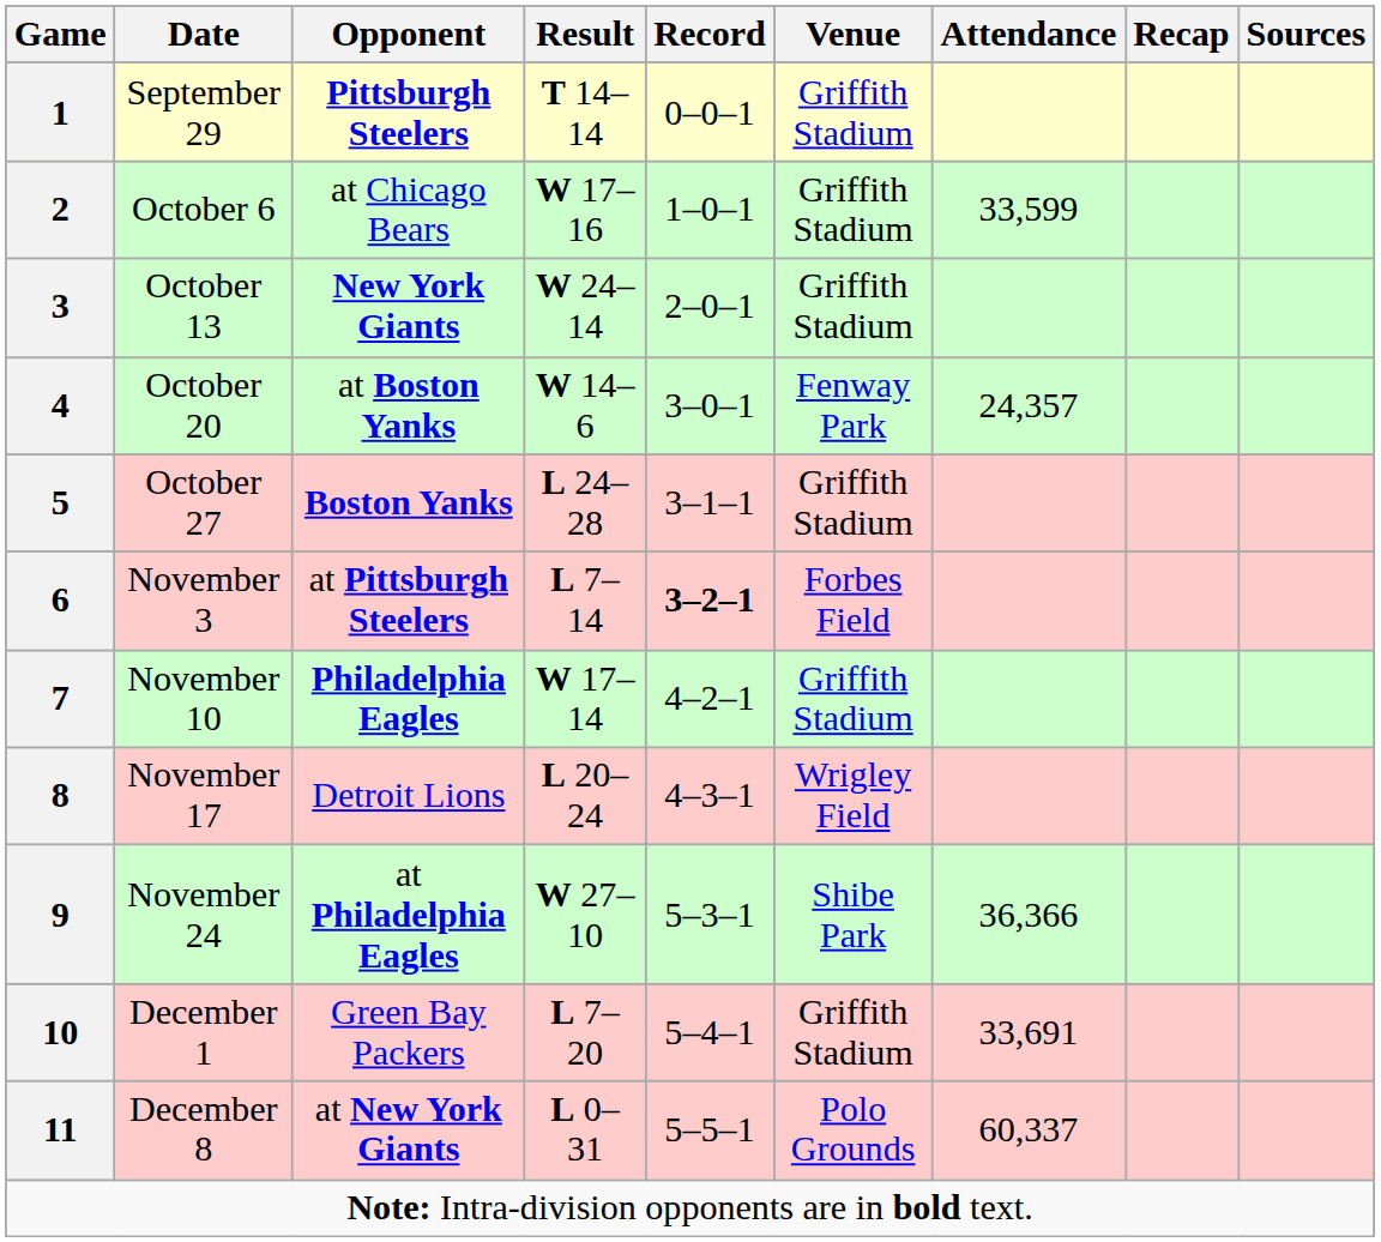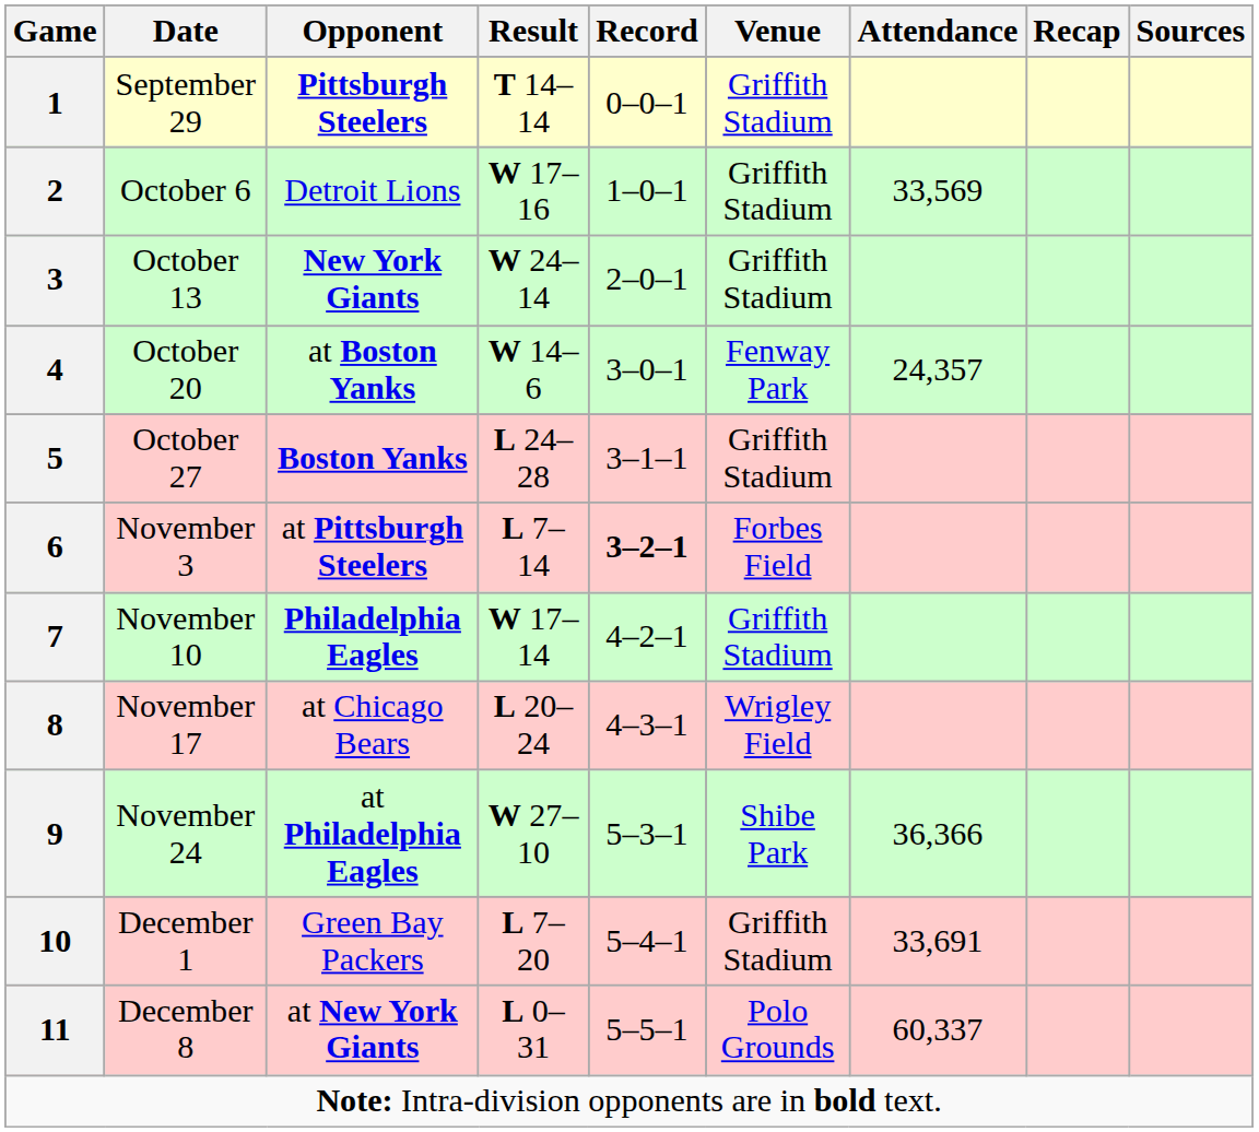 <table class="wikitable" style="text-align:center">
 <tr>
 <th>Game</th>
 <th>Date</th>
 <th>Opponent</th>
 <th>Result</th>
 <th>Record</th>
 <th>Venue</th>
 <th>Attendance</th>
 <th>Recap</th>
 <th>Sources</th>
 </tr>
 <tr style="background:#ffc">
 <th>1</th>
 <td>September 29</td>
 <td><strong><a href='#'>Pittsburgh Steelers</a></strong></td>
 <td><strong>T</strong> 14–14</td>
 <td>0–0–1</td>
 <td><a href='#'>Griffith Stadium</a></td>
 <td></td>
 <td></td>
 <td></td>
 </tr>
 <tr style="background:#cfc">
 <th>2</th>
 <td>October 6</td>
-<td>at <a href='#'>Chicago Bears</a></td>
+<td><a href='#'>Detroit Lions</a></td>
 <td><strong>W</strong> 17–16</td>
 <td>1–0–1</td>
 <td>Griffith Stadium</td>
-<td>33,599</td>
+<td>33,569</td>
 <td></td>
 <td></td>
 </tr>
 <tr style="background:#cfc">
 <th>3</th>
 <td>October 13</td>
 <td><strong><a href='#'>New York Giants</a></strong></td>
 <td><strong>W</strong> 24–14</td>
 <td>2–0–1</td>
 <td>Griffith Stadium</td>
 <td></td>
 <td></td>
 <td></td>
 </tr>
 <tr style="background:#cfc">
 <th>4</th>
 <td>October 20</td>
 <td>at <strong><a href='#'>Boston Yanks</a></strong></td>
 <td><strong>W</strong> 14–6</td>
 <td>3–0–1</td>
 <td><a href='#'>Fenway Park</a></td>
 <td>24,357</td>
 <td></td>
 <td></td>
 </tr>
 <tr style="background:#fcc">
 <th>5</th>
 <td>October 27</td>
 <td><strong><a href='#'>Boston Yanks</a></strong></td>
 <td><strong>L</strong> 24–28</td>
 <td>3–1–1</td>
 <td>Griffith Stadium</td>
 <td></td>
 <td></td>
 <td></td>
 </tr>
 <tr style="background:#fcc">
 <th>6</th>
 <td>November 3</td>
 <td>at <strong><a href='#'>Pittsburgh Steelers</a></strong></td>
 <td><strong>L</strong> 7–14</td>
 <td><strong>3–2–1</strong></td>
 <td><a href='#'>Forbes Field</a></td>
 <td></td>
 <td></td>
 <td></td>
 </tr>
 <tr style="background:#cfc">
 <th>7</th>
 <td>November 10</td>
 <td><strong><a href='#'>Philadelphia Eagles</a></strong></td>
 <td><strong>W</strong> 17–14</td>
 <td>4–2–1</td>
 <td><a href='#'>Griffith Stadium</a></td>
 <td></td>
 <td></td>
 <td></td>
 </tr>
 <tr style="background:#fcc">
 <th>8</th>
 <td>November 17</td>
-<td><a href='#'>Detroit Lions</a></td>
+<td>at <a href='#'>Chicago Bears</a></td>
 <td><strong>L</strong> 20–24</td>
 <td>4–3–1</td>
 <td><a href='#'>Wrigley Field</a></td>
 <td></td>
 <td></td>
 <td></td>
 </tr>
 <tr style="background:#cfc">
 <th>9</th>
 <td>November 24</td>
 <td>at <strong><a href='#'>Philadelphia Eagles</a></strong></td>
 <td><strong>W</strong> 27–10</td>
 <td>5–3–1</td>
 <td><a href='#'>Shibe Park</a></td>
 <td>36,366</td>
 <td></td>
 <td></td>
 </tr>
 <tr style="background:#fcc">
 <th>10</th>
 <td>December 1</td>
 <td><a href='#'>Green Bay Packers</a></td>
 <td><strong>L</strong> 7–20</td>
 <td>5–4–1</td>
 <td>Griffith Stadium</td>
 <td>33,691</td>
 <td></td>
 <td></td>
 </tr>
 <tr style="background:#fcc">
 <th>11</th>
 <td>December 8</td>
 <td>at <strong><a href='#'>New York Giants</a></strong></td>
 <td><strong>L</strong> 0–31</td>
 <td>5–5–1</td>
 <td><a href='#'>Polo Grounds</a></td>
 <td>60,337</td>
 <td></td>
 <td></td>
 </tr>
 <tr>
 <td colspan="10"><strong>Note:</strong> Intra-division opponents are in <strong>bold</strong> text.</td>
 </tr>
 </table>
